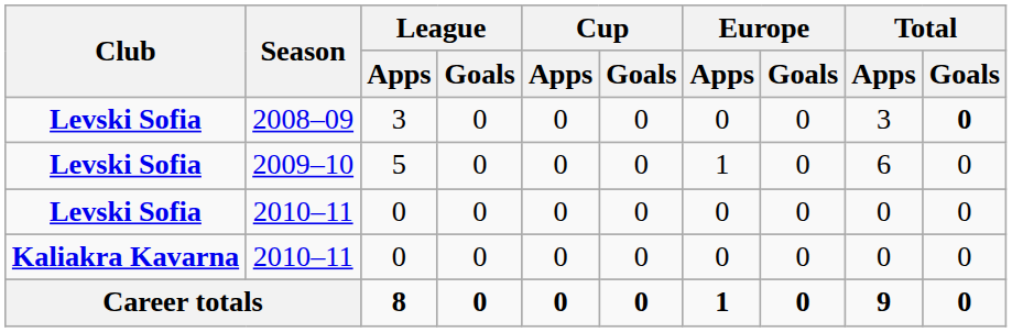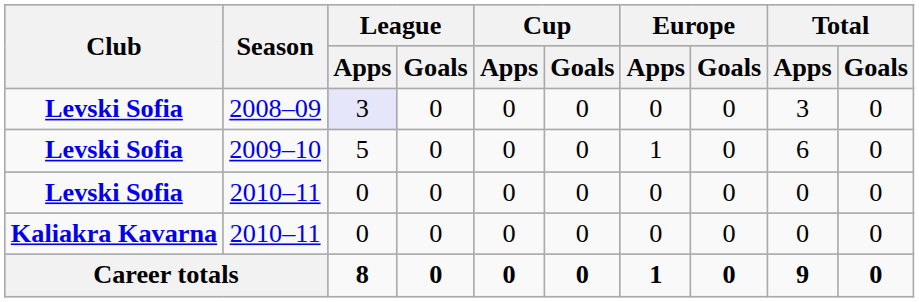 <table class="wikitable" style="text-align: center;">
 <tr>
 <th rowspan="2">Club</th>
 <th rowspan="2">Season</th>
 <th colspan="2">League</th>
 <th colspan="2">Cup</th>
 <th colspan="2">Europe</th>
 <th colspan="2">Total</th>
 </tr>
 <tr>
 <th>Apps</th>
 <th>Goals</th>
 <th>Apps</th>
 <th>Goals</th>
 <th>Apps</th>
 <th>Goals</th>
 <th>Apps</th>
 <th>Goals</th>
 </tr>
 <tr>
 <td rowspan="1" valign="center"><strong><a href='#'>Levski Sofia</a></strong></td>
 <td><a href='#'>2008–09</a></td>
-<td>3</td>
+<td style="background: lavender;">3</td>
 <td>0</td>
 <td>0</td>
 <td>0</td>
 <td>0</td>
 <td>0</td>
 <td>3</td>
-<td><strong>0</strong></td>
+<td>0</td>
 </tr>
 <tr>
 <td rowspan="1" valign="center"><strong><a href='#'>Levski Sofia</a></strong></td>
 <td><a href='#'>2009–10</a></td>
 <td>5</td>
 <td>0</td>
 <td>0</td>
 <td>0</td>
 <td>1</td>
 <td>0</td>
 <td>6</td>
 <td>0</td>
 </tr>
 <tr>
 <td rowspan="1" valign="center"><strong><a href='#'>Levski Sofia</a></strong></td>
 <td><a href='#'>2010–11</a></td>
 <td>0</td>
 <td>0</td>
 <td>0</td>
 <td>0</td>
 <td>0</td>
 <td>0</td>
 <td>0</td>
 <td>0</td>
 </tr>
 <tr>
 <td rowspan="1" valign="center"><strong><a href='#'>Kaliakra Kavarna</a></strong></td>
 <td><a href='#'>2010–11</a></td>
 <td>0</td>
 <td>0</td>
 <td>0</td>
 <td>0</td>
 <td>0</td>
 <td>0</td>
 <td>0</td>
 <td>0</td>
 </tr>
 <tr>
 <th colspan="2"><strong>Career totals</strong></th>
 <td><strong>8</strong></td>
 <td><strong>0</strong></td>
 <td><strong>0</strong></td>
 <td><strong>0</strong></td>
 <td><strong>1</strong></td>
 <td><strong>0</strong></td>
 <td><strong>9</strong></td>
 <td><strong>0</strong></td>
 </tr>
 </table>
